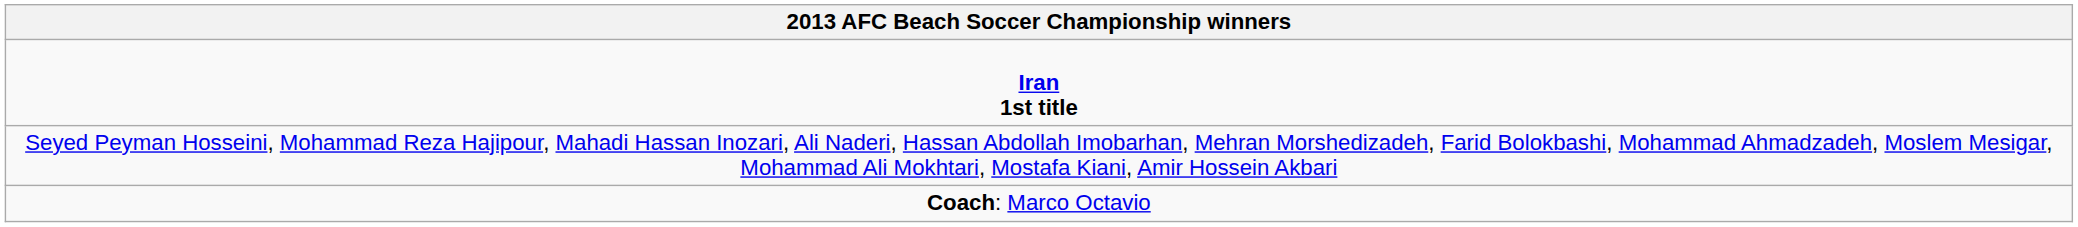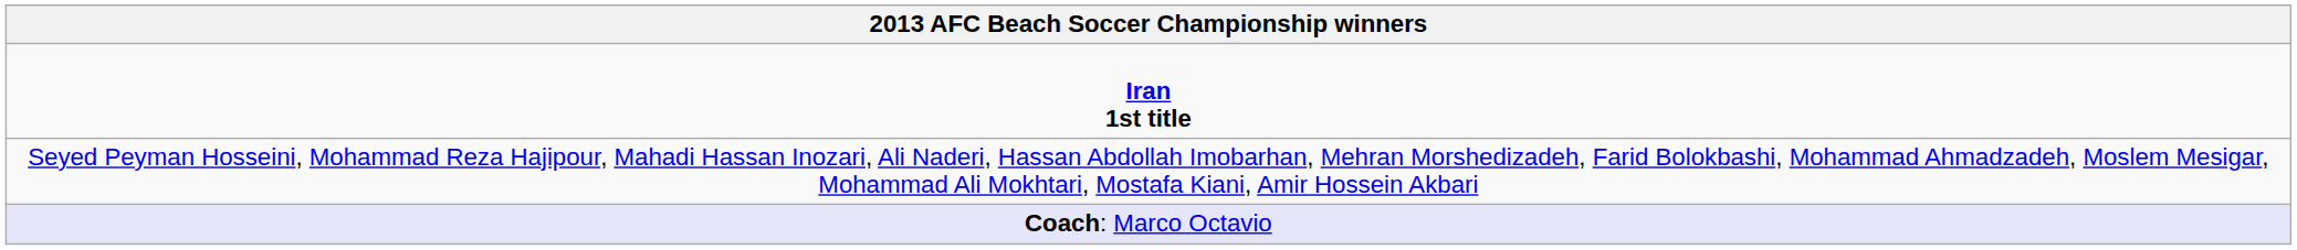 <table class="wikitable" style="width:75%; text-align: center; margin: 0 auto;">
 <tr>
 <th>2013 AFC Beach Soccer Championship winners</th>
 </tr>
 <tr>
 <td><br><strong><a href='#'>Iran</a></strong><br><strong>1st title</strong></td>
 </tr>
 <tr>
 <td><a href='#'>Seyed Peyman Hosseini</a>, <a href='#'>Mohammad Reza Hajipour</a>, <a href='#'>Mahadi Hassan Inozari</a>, <a href='#'>Ali Naderi</a>, <a href='#'>Hassan Abdollah Imobarhan</a>, <a href='#'>Mehran Morshedizadeh</a>, <a href='#'>Farid Bolokbashi</a>, <a href='#'>Mohammad Ahmadzadeh</a>, <a href='#'>Moslem Mesigar</a>, <a href='#'>Mohammad Ali Mokhtari</a>, <a href='#'>Mostafa Kiani</a>, <a href='#'>Amir Hossein Akbari</a></td>
 </tr>
 <tr>
-<td><strong>Coach</strong>:  <a href='#'>Marco Octavio</a></td>
+<td style="background: lavender;"><strong>Coach</strong>:  <a href='#'>Marco Octavio</a></td>
 </tr>
 </table>
